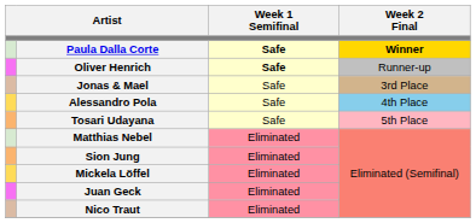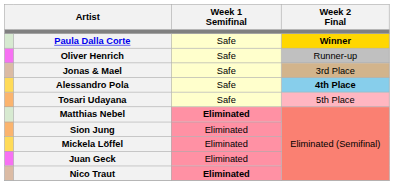 <table class="wikitable" style="text-align:center; font-size:95%; width:50%">
 <tr>
 <th style="width:18%" colspan="2">Artist</th>
 <th style="width:11%" scope="col">Week 1<br>Semifinal</th>
 <th style="width:11%" scope="col">Week 2<br>Final</th>
 </tr>
 <tr>
 <th colspan="10" style="background:grey"></th>
 </tr>
 <tr>
 <th style="background:#d7ead1"></th>
 <th><a href='#'>Paula Dalla Corte</a></th>
-<td style="background:#FFFFCC"><strong>Safe</strong></td>
+<td style="background:#FFFFCC">Safe</td>
 <td style="background:gold"><strong>Winner</strong></td>
 </tr>
 <tr>
 <th style="background:#f771f3"></th>
 <th>Oliver Henrich</th>
-<td style="background:#FFFFCC"><strong>Safe</strong></td>
+<td style="background:#FFFFCC">Safe</td>
 <td style="background:silver">Runner-up</td>
 </tr>
 <tr>
 <th style="background:#dbbba4"></th>
 <th>Jonas & Mael</th>
 <td style="background:#FFFFCC">Safe</td>
 <td style="background:tan">3rd Place</td>
 </tr>
 <tr>
 <th style="background:#ffdb58"></th>
 <th>Alessandro Pola</th>
 <td style="background:#FFFFCC">Safe</td>
-<td style="background:skyblue">4th Place</td>
+<td style="background:skyblue"><strong>4th Place</strong></td>
 </tr>
 <tr>
 <th style="background:#fbb46e"></th>
 <th>Tosari Udayana</th>
 <td style="background:#FFFFCC">Safe</td>
 <td style="background:lightpink">5th Place</td>
 </tr>
 <tr>
 <th style="background:#d7ead1"></th>
 <th>Matthias Nebel</th>
-<td style="background:#FF91A4">Eliminated</td>
+<td style="background:#FF91A4"><strong>Eliminated</strong></td>
 <td style="background:salmon" rowspan="5" colspan="2">Eliminated (Semifinal)</td>
 </tr>
 <tr>
 <th style="background:#fbb46e"></th>
 <th>Sion Jung</th>
 <td style="background:#FF91A4">Eliminated</td>
 </tr>
 <tr>
 <th style="background:#ffdb58"></th>
 <th>Mickela Löffel</th>
 <td style="background:#FF91A4">Eliminated</td>
 </tr>
 <tr>
 <th style="background:#f771f3"></th>
 <th>Juan Geck</th>
 <td style="background:#FF91A4;">Eliminated</td>
 </tr>
 <tr>
 <th style="background:#dbbba4"></th>
 <th>Nico Traut</th>
-<td style="background:#FF91A4">Eliminated</td>
+<td style="background:#FF91A4"><strong>Eliminated</strong></td>
 </tr>
 <tr>
 </tr>
 </table>
